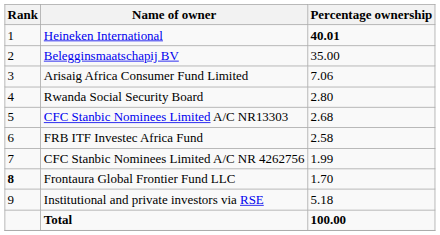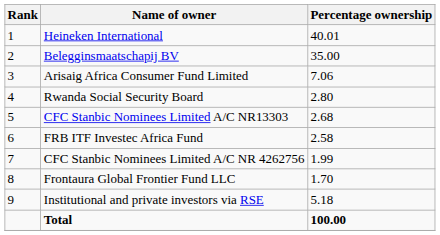 <table class="wikitable sortable" style="margin:0.5em auto">
 <tr>
 <th style="width:2em;">Rank</th>
 <th>Name of owner</th>
 <th>Percentage ownership</th>
 </tr>
 <tr>
 <td>1</td>
 <td><a href='#'>Heineken International</a></td>
-<td><strong>40.01</strong></td>
+<td>40.01</td>
 </tr>
 <tr>
 <td>2</td>
 <td><a href='#'>Belegginsmaatschapij BV</a></td>
 <td>35.00</td>
 </tr>
 <tr>
 <td>3</td>
 <td>Arisaig Africa Consumer Fund Limited</td>
 <td>7.06</td>
 </tr>
 <tr>
 <td>4</td>
 <td>Rwanda Social Security Board</td>
 <td>2.80</td>
 </tr>
 <tr>
 <td>5</td>
 <td><a href='#'>CFC Stanbic Nominees Limited</a> A/C NR13303</td>
 <td>2.68</td>
 </tr>
 <tr>
 <td>6</td>
 <td>FRB ITF Investec Africa Fund</td>
 <td>2.58</td>
 </tr>
 <tr>
 <td>7</td>
 <td>CFC Stanbic Nominees Limited A/C NR 4262756</td>
 <td>1.99</td>
 </tr>
 <tr>
-<td><strong>8</strong></td>
+<td>8</td>
 <td>Frontaura Global Frontier Fund LLC</td>
 <td>1.70</td>
 </tr>
 <tr>
 <td>9</td>
 <td>Institutional and private investors via <a href='#'>RSE</a></td>
 <td>5.18</td>
 </tr>
 <tr>
 <td></td>
 <td><strong>Total</strong></td>
 <td><strong>100.00</strong></td>
 </tr>
 <tr>
 </tr>
 </table>
